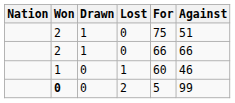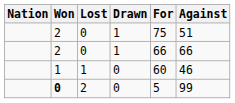 <table class="wikitable">
 <tr>
 <th>Nation</th>
 <th>Won</th>
+<th>Lost</th>
 <th>Drawn</th>
-<th>Lost</th>
 <th>For</th>
 <th>Against</th>
 </tr>
 <tr>
 <td></td>
 <td>2</td>
+<td>0</td>
 <td>1</td>
-<td>0</td>
 <td>75</td>
 <td>51</td>
 </tr>
 <tr>
 <td></td>
 <td>2</td>
+<td>0</td>
 <td>1</td>
-<td>0</td>
 <td>66</td>
 <td>66</td>
 </tr>
 <tr>
 <td></td>
 <td>1</td>
+<td>1</td>
 <td>0</td>
-<td>1</td>
 <td>60</td>
 <td>46</td>
 </tr>
 <tr>
 <td></td>
 <td><strong>0</strong></td>
+<td>2</td>
 <td>0</td>
-<td>2</td>
 <td>5</td>
 <td>99</td>
 </tr>
 </table>
